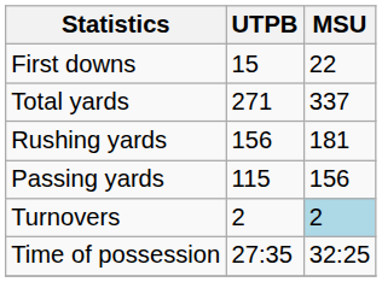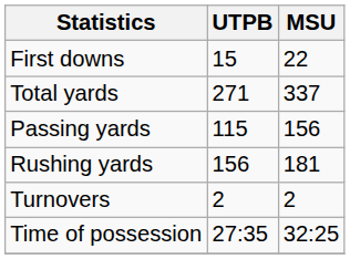 <table class="wikitable" style="float: left;">
 <tr>
 <th>Statistics</th>
 <th>UTPB</th>
 <th>MSU</th>
 </tr>
 <tr>
 <td>First downs</td>
 <td>15</td>
 <td>22</td>
 </tr>
 <tr>
 <td>Total yards</td>
 <td>271</td>
 <td>337</td>
 </tr>
 <tr>
+<td>Passing yards</td>
+<td>115</td>
+<td>156</td>
+</tr>
+<tr>
 <td>Rushing yards</td>
 <td>156</td>
 <td>181</td>
 </tr>
 <tr>
-<td>Passing yards</td>
-<td>115</td>
-<td>156</td>
-</tr>
-<tr>
 <td>Turnovers</td>
 <td>2</td>
-<td style="background: lightblue;">2</td>
+<td>2</td>
 </tr>
 <tr>
 <td>Time of possession</td>
 <td>27:35</td>
 <td>32:25</td>
 </tr>
 <tr>
 </tr>
 </table>
